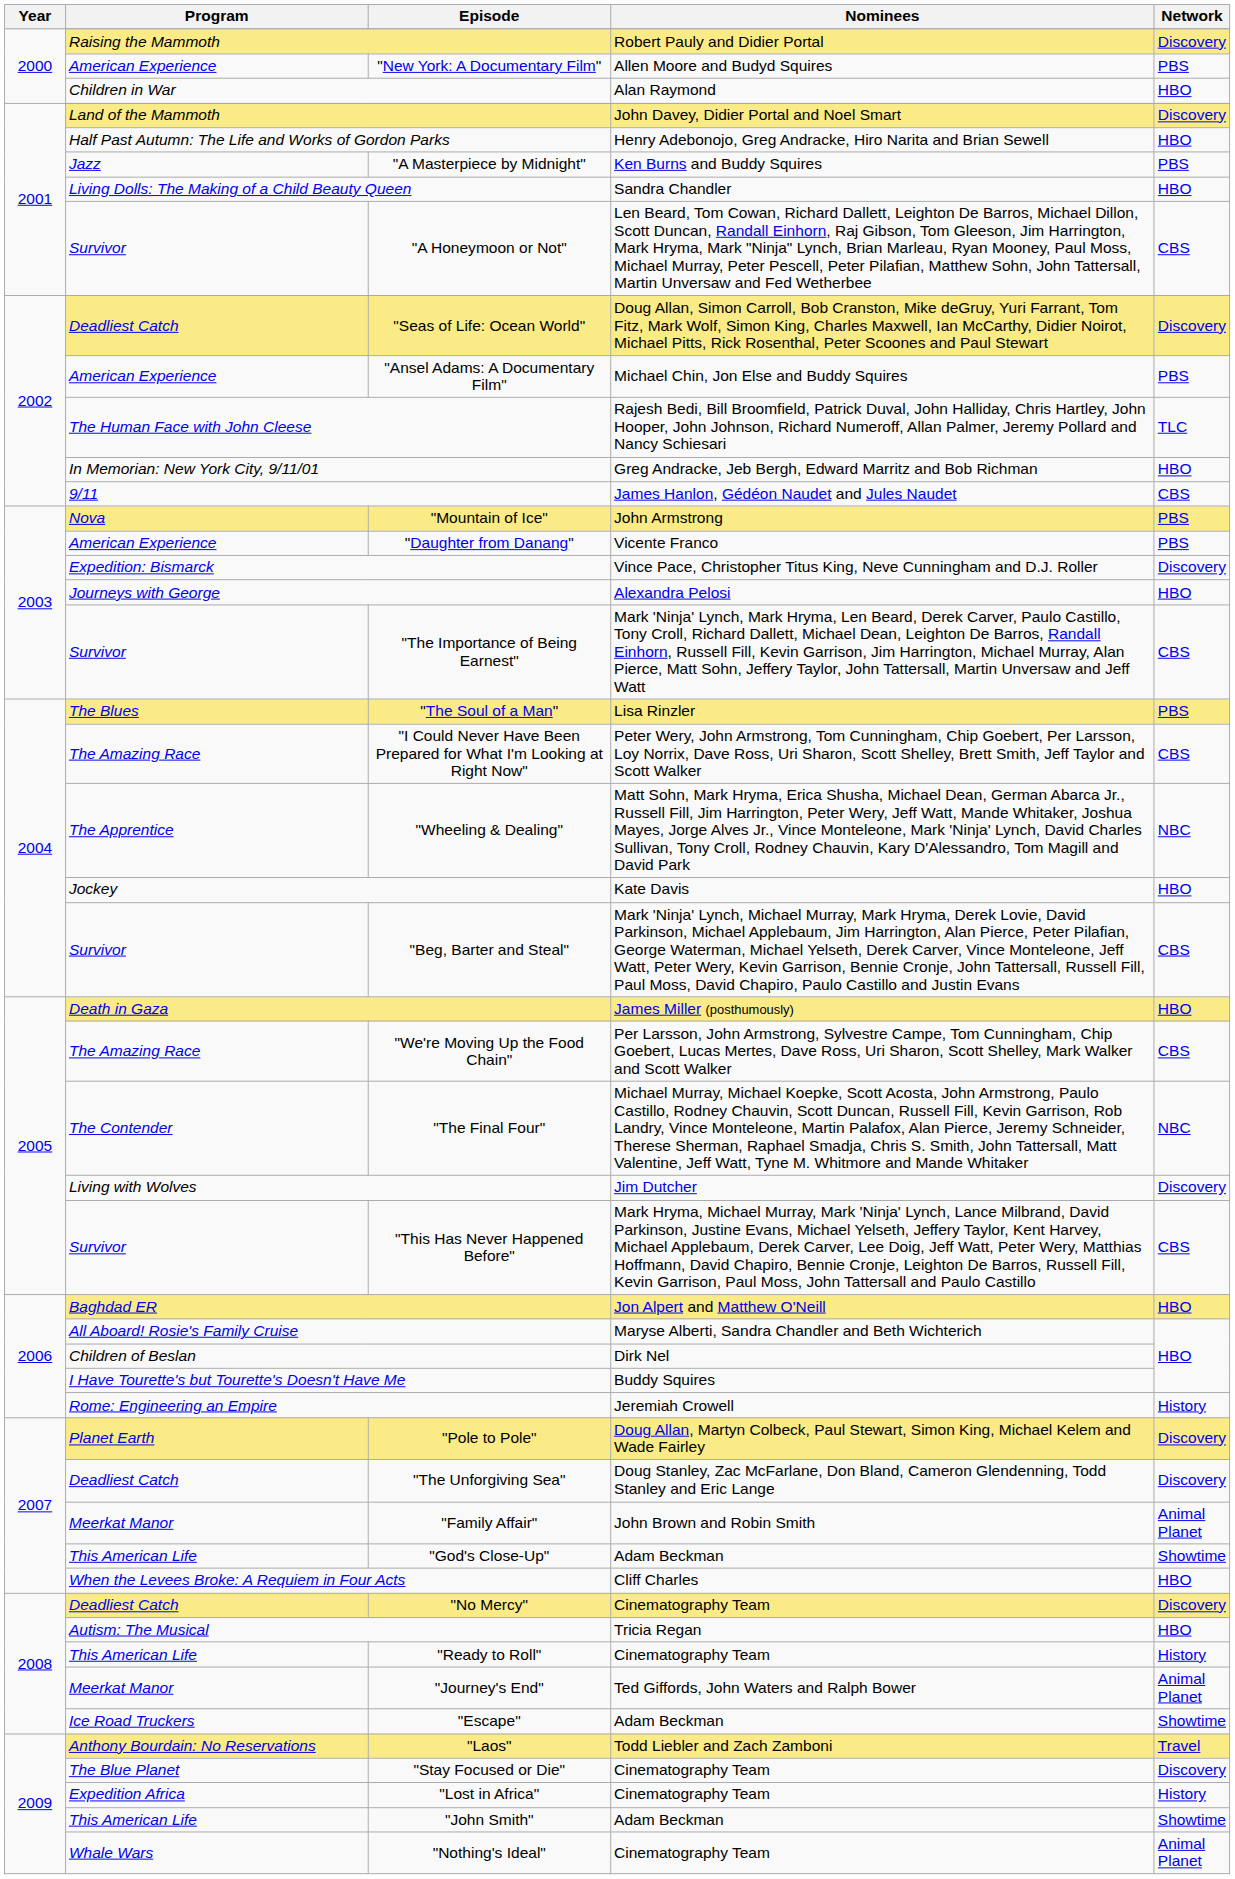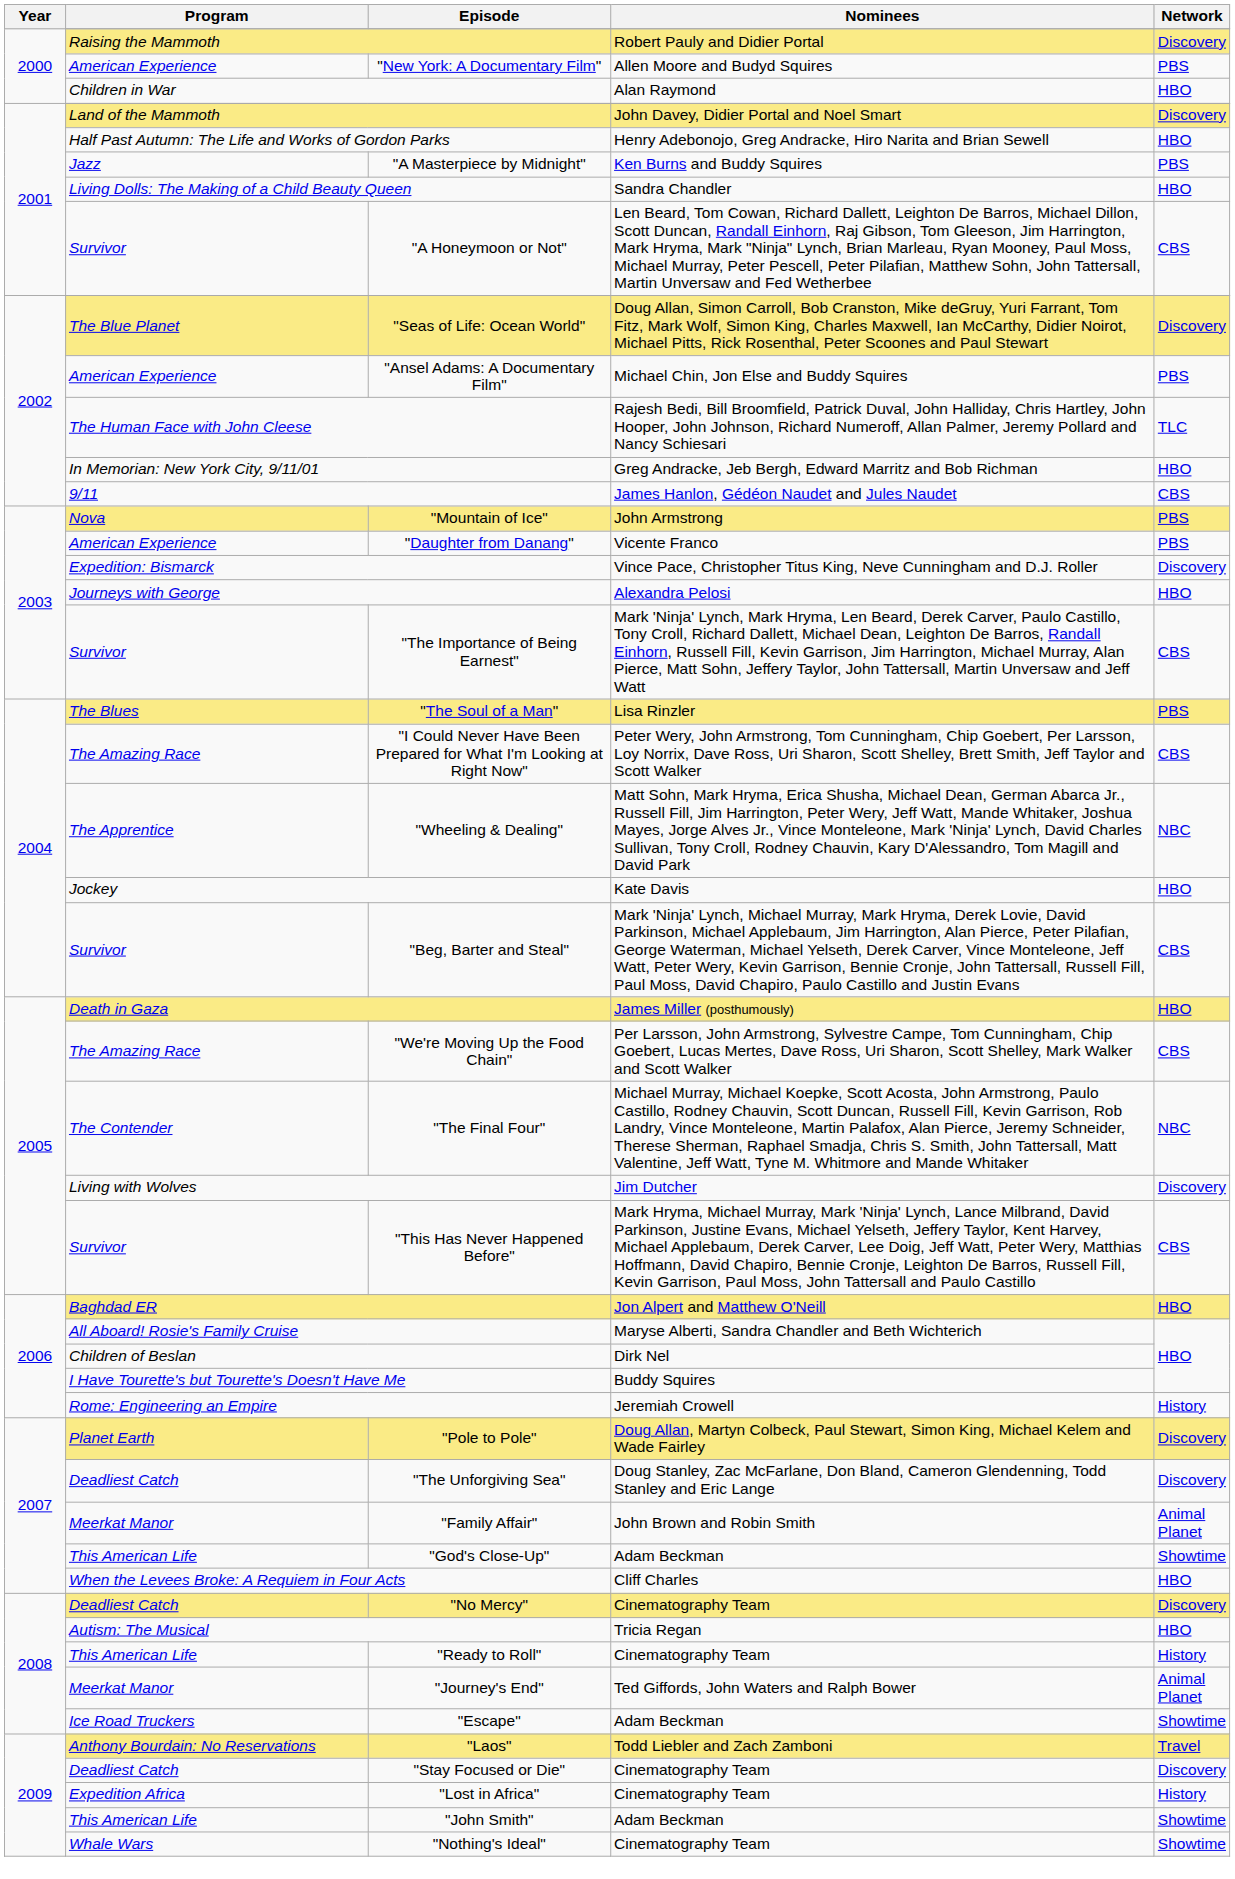 <table class="wikitable" style="width:100%">
 <tr style="background:#bebebe;">
 <th style="width:5%;">Year</th>
 <th style="width:25%;">Program</th>
 <th style="width:20%;">Episode</th>
 <th style="width:45%;">Nominees</th>
 <th style="width:5%;">Network</th>
 </tr>
 <tr>
 <td rowspan=4 style="text-align:center;"><a href='#'>2000</a><br></td>
 </tr>
 <tr style="background:#FAEB86;">
 <td colspan=2><em>Raising the Mammoth</em></td>
 <td>Robert Pauly and Didier Portal</td>
 <td><a href='#'>Discovery</a></td>
 </tr>
 <tr>
 <td><em><a href='#'>American Experience</a></em></td>
 <td align=center>"<a href='#'>New York: A Documentary Film</a>"</td>
 <td>Allen Moore and Budyd Squires</td>
 <td><a href='#'>PBS</a></td>
 </tr>
 <tr>
 <td colspan=2><em>Children in War</em></td>
 <td>Alan Raymond</td>
 <td><a href='#'>HBO</a></td>
 </tr>
 <tr>
 <td rowspan=6 style="text-align:center;"><a href='#'>2001</a><br></td>
 </tr>
 <tr style="background:#FAEB86;">
 <td colspan=2><em>Land of the Mammoth</em></td>
 <td>John Davey, Didier Portal and Noel Smart</td>
 <td><a href='#'>Discovery</a></td>
 </tr>
 <tr>
 <td colspan=2><em>Half Past Autumn: The Life and Works of Gordon Parks</em></td>
 <td>Henry Adebonojo, Greg Andracke, Hiro Narita and Brian Sewell</td>
 <td><a href='#'>HBO</a></td>
 </tr>
 <tr>
 <td><em><a href='#'>Jazz</a></em></td>
 <td align=center>"A Masterpiece by Midnight"</td>
 <td><a href='#'>Ken Burns</a> and Buddy Squires</td>
 <td><a href='#'>PBS</a></td>
 </tr>
 <tr>
 <td colspan=2><em><a href='#'>Living Dolls: The Making of a Child Beauty Queen</a></em></td>
 <td>Sandra Chandler</td>
 <td><a href='#'>HBO</a></td>
 </tr>
 <tr>
 <td><em><a href='#'>Survivor</a></em></td>
 <td align=center>"A Honeymoon or Not"</td>
 <td>Len Beard, Tom Cowan, Richard Dallett, Leighton De Barros, Michael Dillon, Scott Duncan, <a href='#'>Randall Einhorn</a>, Raj Gibson, Tom Gleeson, Jim Harrington, Mark Hryma, Mark "Ninja" Lynch, Brian Marleau, Ryan Mooney, Paul Moss, Michael Murray, Peter Pescell, Peter Pilafian, Matthew Sohn, John Tattersall, Martin Unversaw and Fed Wetherbee</td>
 <td><a href='#'>CBS</a></td>
 </tr>
 <tr>
 <td rowspan=6 style="text-align:center;"><a href='#'>2002</a><br></td>
 </tr>
 <tr style="background:#FAEB86;">
-<td><em><a href='#'>Deadliest Catch</a></em></td>
+<td><em><a href='#'>The Blue Planet</a></em></td>
 <td align=center>"Seas of Life: Ocean World"</td>
 <td>Doug Allan, Simon Carroll, Bob Cranston, Mike deGruy, Yuri Farrant, Tom Fitz, Mark Wolf, Simon King, Charles Maxwell, Ian McCarthy, Didier Noirot, Michael Pitts, Rick Rosenthal, Peter Scoones and Paul Stewart</td>
 <td><a href='#'>Discovery</a></td>
 </tr>
 <tr>
 <td><em><a href='#'>American Experience</a></em></td>
 <td align=center>"Ansel Adams: A Documentary Film"</td>
 <td>Michael Chin, Jon Else and Buddy Squires</td>
 <td><a href='#'>PBS</a></td>
 </tr>
 <tr>
 <td colspan=2><em><a href='#'>The Human Face with John Cleese</a></em></td>
 <td>Rajesh Bedi, Bill Broomfield, Patrick Duval, John Halliday, Chris Hartley, John Hooper, John Johnson, Richard Numeroff, Allan Palmer, Jeremy Pollard and Nancy Schiesari</td>
 <td><a href='#'>TLC</a></td>
 </tr>
 <tr>
 <td colspan=2><em>In Memorian: New York City, 9/11/01</em></td>
 <td>Greg Andracke, Jeb Bergh, Edward Marritz and Bob Richman</td>
 <td><a href='#'>HBO</a></td>
 </tr>
 <tr>
 <td colspan=2><em><a href='#'>9/11</a></em></td>
 <td><a href='#'>James Hanlon</a>, <a href='#'>Gédéon Naudet</a> and <a href='#'>Jules Naudet</a></td>
 <td><a href='#'>CBS</a></td>
 </tr>
 <tr>
 <td rowspan=5 style="text-align:center;"><a href='#'>2003</a><br></td>
 <td style="background:#FAEB86;"><em><a href='#'>Nova</a></em></td>
 <td style="background:#FAEB86;" align=center>"Mountain of Ice"</td>
 <td style="background:#FAEB86;">John Armstrong</td>
 <td style="background:#FAEB86;"><a href='#'>PBS</a></td>
 </tr>
 <tr>
 <td><em><a href='#'>American Experience</a></em></td>
 <td align=center>"<a href='#'>Daughter from Danang</a>"</td>
 <td>Vicente Franco</td>
 <td><a href='#'>PBS</a></td>
 </tr>
 <tr>
 <td colspan=2><em><a href='#'>Expedition: Bismarck</a></em></td>
 <td>Vince Pace, Christopher Titus King, Neve Cunningham and D.J. Roller</td>
 <td><a href='#'>Discovery</a></td>
 </tr>
 <tr>
 <td colspan=2><em><a href='#'>Journeys with George</a></em></td>
 <td><a href='#'>Alexandra Pelosi</a></td>
 <td><a href='#'>HBO</a></td>
 </tr>
 <tr>
 <td><em><a href='#'>Survivor</a></em></td>
 <td align=center>"The Importance of Being Earnest"</td>
 <td>Mark 'Ninja' Lynch, Mark Hryma, Len Beard, Derek Carver, Paulo Castillo, Tony Croll, Richard Dallett, Michael Dean, Leighton De Barros, <a href='#'>Randall Einhorn</a>, Russell Fill, Kevin Garrison, Jim Harrington, Michael Murray, Alan Pierce, Matt Sohn, Jeffery Taylor, John Tattersall, Martin Unversaw and Jeff Watt</td>
 <td><a href='#'>CBS</a></td>
 </tr>
 <tr>
 <td rowspan=5 style="text-align:center;"><a href='#'>2004</a><br></td>
 <td style="background:#FAEB86;"><em><a href='#'>The Blues</a></em></td>
 <td style="background:#FAEB86;" align=center>"<a href='#'>The Soul of a Man</a>"</td>
 <td style="background:#FAEB86;">Lisa Rinzler</td>
 <td style="background:#FAEB86;"><a href='#'>PBS</a></td>
 </tr>
 <tr>
 <td><em><a href='#'>The Amazing Race</a></em></td>
 <td align=center>"I Could Never Have Been Prepared for What I'm Looking at Right Now"</td>
 <td>Peter Wery, John Armstrong, Tom Cunningham, Chip Goebert, Per Larsson, Loy Norrix, Dave Ross, Uri Sharon, Scott Shelley, Brett Smith, Jeff Taylor and Scott Walker</td>
 <td><a href='#'>CBS</a></td>
 </tr>
 <tr>
 <td><em><a href='#'>The Apprentice</a></em></td>
 <td align=center>"Wheeling & Dealing"</td>
 <td>Matt Sohn, Mark Hryma, Erica Shusha, Michael Dean, German Abarca Jr., Russell Fill, Jim Harrington, Peter Wery, Jeff Watt, Mande Whitaker, Joshua Mayes, Jorge Alves Jr., Vince Monteleone, Mark 'Ninja' Lynch, David Charles Sullivan, Tony Croll, Rodney Chauvin, Kary D'Alessandro, Tom Magill and David Park</td>
 <td><a href='#'>NBC</a></td>
 </tr>
 <tr>
 <td colspan=2><em>Jockey</em></td>
 <td>Kate Davis</td>
 <td><a href='#'>HBO</a></td>
 </tr>
 <tr>
 <td><em><a href='#'>Survivor</a></em></td>
 <td align=center>"Beg, Barter and Steal"</td>
 <td>Mark 'Ninja' Lynch, Michael Murray, Mark Hryma, Derek Lovie, David Parkinson, Michael Applebaum, Jim Harrington, Alan Pierce, Peter Pilafian, George Waterman, Michael Yelseth, Derek Carver, Vince Monteleone, Jeff Watt, Peter Wery, Kevin Garrison, Bennie Cronje, John Tattersall, Russell Fill, Paul Moss, David Chapiro, Paulo Castillo and Justin Evans</td>
 <td><a href='#'>CBS</a></td>
 </tr>
 <tr>
 <td rowspan=5 style="text-align:center;"><a href='#'>2005</a><br></td>
 <td style="background:#FAEB86;" colspan=2><em><a href='#'>Death in Gaza</a></em></td>
 <td style="background:#FAEB86;"><a href='#'>James Miller</a> <small>(posthumously)</small></td>
 <td style="background:#FAEB86;"><a href='#'>HBO</a></td>
 </tr>
 <tr>
 <td><em><a href='#'>The Amazing Race</a></em></td>
 <td align=center>"We're Moving Up the Food Chain"</td>
 <td>Per Larsson, John Armstrong, Sylvestre Campe, Tom Cunningham, Chip Goebert, Lucas Mertes, Dave Ross, Uri Sharon, Scott Shelley, Mark Walker and Scott Walker</td>
 <td><a href='#'>CBS</a></td>
 </tr>
 <tr>
 <td><em><a href='#'>The Contender</a></em></td>
 <td align=center>"The Final Four"</td>
 <td>Michael Murray, Michael Koepke, Scott Acosta, John Armstrong, Paulo Castillo, Rodney Chauvin, Scott Duncan, Russell Fill, Kevin Garrison, Rob Landry, Vince Monteleone, Martin Palafox, Alan Pierce, Jeremy Schneider, Therese Sherman, Raphael Smadja, Chris S. Smith, John Tattersall, Matt Valentine, Jeff Watt, Tyne M. Whitmore and Mande Whitaker</td>
 <td><a href='#'>NBC</a></td>
 </tr>
 <tr>
 <td colspan=2><em>Living with Wolves</em></td>
 <td><a href='#'>Jim Dutcher</a></td>
 <td><a href='#'>Discovery</a></td>
 </tr>
 <tr>
 <td><em><a href='#'>Survivor</a></em></td>
 <td align=center>"This Has Never Happened Before"</td>
 <td>Mark Hryma, Michael Murray, Mark 'Ninja' Lynch, Lance Milbrand, David Parkinson, Justine Evans, Michael Yelseth, Jeffery Taylor, Kent Harvey, Michael Applebaum, Derek Carver, Lee Doig, Jeff Watt, Peter Wery, Matthias Hoffmann, David Chapiro, Bennie Cronje, Leighton De Barros, Russell Fill, Kevin Garrison, Paul Moss, John Tattersall and Paulo Castillo</td>
 <td><a href='#'>CBS</a></td>
 </tr>
 <tr>
 <td rowspan=5 style="text-align:center;"><a href='#'>2006</a><br></td>
 <td style="background:#FAEB86;" colspan=2><em><a href='#'>Baghdad ER</a></em></td>
 <td style="background:#FAEB86;"><a href='#'>Jon Alpert</a> and <a href='#'>Matthew O'Neill</a></td>
 <td style="background:#FAEB86;"><a href='#'>HBO</a></td>
 </tr>
 <tr>
 <td colspan=2><em><a href='#'>All Aboard! Rosie's Family Cruise</a></em></td>
 <td>Maryse Alberti, Sandra Chandler and Beth Wichterich</td>
 <td rowspan=3><a href='#'>HBO</a></td>
 </tr>
 <tr>
 <td colspan=2><em>Children of Beslan</em></td>
 <td>Dirk Nel</td>
 </tr>
 <tr>
 <td colspan=2><em><a href='#'>I Have Tourette's but Tourette's Doesn't Have Me</a></em></td>
 <td>Buddy Squires</td>
 </tr>
 <tr>
 <td colspan=2><em><a href='#'>Rome: Engineering an Empire</a></em></td>
 <td>Jeremiah Crowell</td>
 <td><a href='#'>History</a></td>
 </tr>
 <tr>
 <td rowspan=5 style="text-align:center;"><a href='#'>2007</a><br></td>
 <td style="background:#FAEB86;"><em><a href='#'>Planet Earth</a></em></td>
 <td style="background:#FAEB86;" align=center>"Pole to Pole"</td>
 <td style="background:#FAEB86;"><a href='#'>Doug Allan</a>, Martyn Colbeck, Paul Stewart, Simon King, Michael Kelem and Wade Fairley</td>
 <td style="background:#FAEB86;"><a href='#'>Discovery</a></td>
 </tr>
 <tr>
 <td><em><a href='#'>Deadliest Catch</a></em></td>
 <td align=center>"The Unforgiving Sea"</td>
 <td>Doug Stanley, Zac McFarlane, Don Bland, Cameron Glendenning, Todd Stanley and Eric Lange</td>
 <td><a href='#'>Discovery</a></td>
 </tr>
 <tr>
 <td><em><a href='#'>Meerkat Manor</a></em></td>
 <td align=center>"Family Affair"</td>
 <td>John Brown and Robin Smith</td>
 <td><a href='#'>Animal Planet</a></td>
 </tr>
 <tr>
 <td><em><a href='#'>This American Life</a></em></td>
 <td align=center>"God's Close-Up"</td>
 <td>Adam Beckman</td>
 <td><a href='#'>Showtime</a></td>
 </tr>
 <tr>
 <td colspan=2><em><a href='#'>When the Levees Broke: A Requiem in Four Acts</a></em></td>
 <td>Cliff Charles</td>
 <td><a href='#'>HBO</a></td>
 </tr>
 <tr>
 <td rowspan=5 style="text-align:center;"><a href='#'>2008</a><br></td>
 <td style="background:#FAEB86;"><em><a href='#'>Deadliest Catch</a></em></td>
 <td style="background:#FAEB86;" align=center>"No Mercy"</td>
 <td style="background:#FAEB86;">Cinematography Team</td>
 <td style="background:#FAEB86;"><a href='#'>Discovery</a></td>
 </tr>
 <tr>
 <td colspan=2><em><a href='#'>Autism: The Musical</a></em></td>
 <td>Tricia Regan</td>
 <td><a href='#'>HBO</a></td>
 </tr>
 <tr>
 <td><em><a href='#'>This American Life</a></em></td>
 <td align=center>"Ready to Roll"</td>
 <td>Cinematography Team</td>
 <td><a href='#'>History</a></td>
 </tr>
 <tr>
 <td><em><a href='#'>Meerkat Manor</a></em></td>
 <td align=center>"Journey's End"</td>
 <td>Ted Giffords, John Waters and Ralph Bower</td>
 <td><a href='#'>Animal Planet</a></td>
 </tr>
 <tr>
 <td><em><a href='#'>Ice Road Truckers</a></em></td>
 <td align=center>"Escape"</td>
 <td>Adam Beckman</td>
 <td><a href='#'>Showtime</a></td>
 </tr>
 <tr>
 <td rowspan=5 style="text-align:center;"><a href='#'>2009</a><br></td>
 <td style="background:#FAEB86;"><em><a href='#'>Anthony Bourdain: No Reservations</a></em></td>
 <td style="background:#FAEB86;" align=center>"Laos"</td>
 <td style="background:#FAEB86;">Todd Liebler and Zach Zamboni</td>
 <td style="background:#FAEB86;"><a href='#'>Travel</a></td>
 </tr>
 <tr>
-<td><em><a href='#'>The Blue Planet</a></em></td>
+<td><em><a href='#'>Deadliest Catch</a></em></td>
 <td align=center>"Stay Focused or Die"</td>
 <td>Cinematography Team</td>
 <td><a href='#'>Discovery</a></td>
 </tr>
 <tr>
 <td><em><a href='#'>Expedition Africa</a></em></td>
 <td align=center>"Lost in Africa"</td>
 <td>Cinematography Team</td>
 <td><a href='#'>History</a></td>
 </tr>
 <tr>
 <td><em><a href='#'>This American Life</a></em></td>
 <td align=center>"John Smith"</td>
 <td>Adam Beckman</td>
 <td><a href='#'>Showtime</a></td>
 </tr>
 <tr>
 <td><em><a href='#'>Whale Wars</a></em></td>
 <td align=center>"Nothing's Ideal"</td>
 <td>Cinematography Team</td>
-<td><a href='#'>Animal Planet</a></td>
+<td><a href='#'>Showtime</a></td>
 </tr>
 </table>
